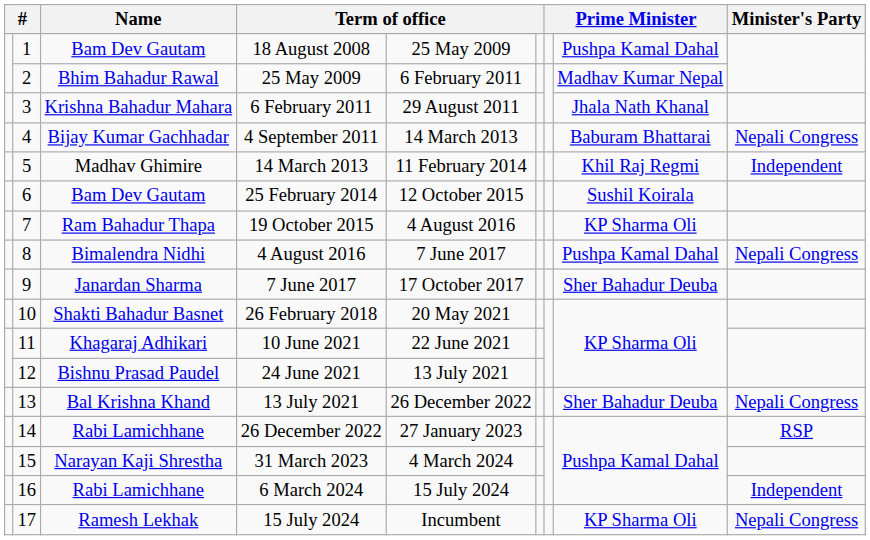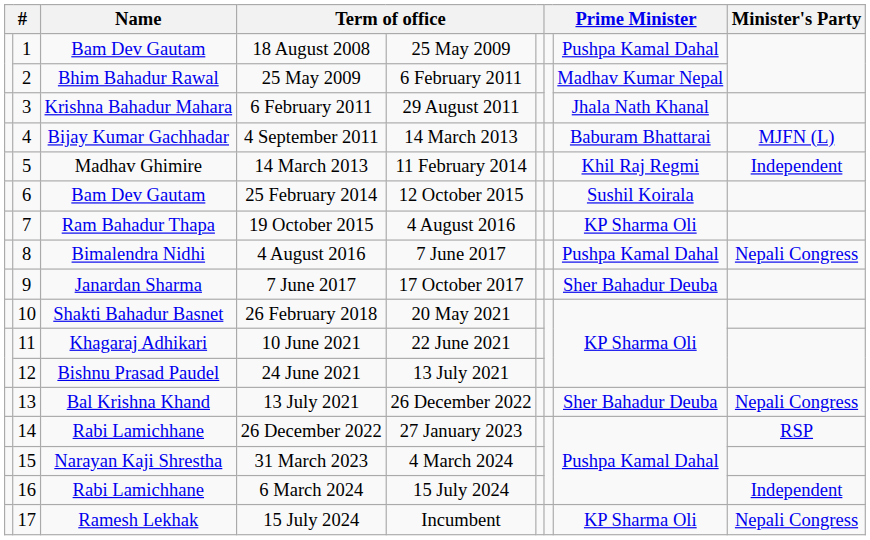 <table class="wikitable" style="text-align: center;">
 <tr>
 <th colspan="2">#</th>
 <th>Name</th>
 <th colspan="3">Term of office</th>
 <th colspan="2"><a href='#'>Prime Minister</a></th>
 <th>Minister's Party</th>
 </tr>
 <tr>
 <td rowspan="2" style="background-color: "></td>
 <td>1</td>
 <td><a href='#'>Bam Dev Gautam</a></td>
 <td>18 August 2008</td>
 <td>25 May 2009</td>
 <td></td>
 <td style="background-color: "></td>
 <td><a href='#'>Pushpa Kamal Dahal</a></td>
 <td rowspan="2"></td>
 </tr>
 <tr>
 <td>2</td>
 <td><a href='#'>Bhim Bahadur Rawal</a></td>
 <td>25 May 2009</td>
 <td>6 February 2011</td>
 <td></td>
 <td rowspan="2" style="background-color: "></td>
 <td><a href='#'>Madhav Kumar Nepal</a></td>
 </tr>
 <tr>
 <td style="background-color: "></td>
 <td>3</td>
 <td><a href='#'>Krishna Bahadur Mahara</a></td>
 <td>6 February 2011</td>
 <td>29 August 2011</td>
 <td></td>
 <td><a href='#'>Jhala Nath Khanal</a></td>
 <td></td>
 </tr>
 <tr>
 <td style="background-color: "></td>
 <td>4</td>
 <td><a href='#'>Bijay Kumar Gachhadar</a></td>
 <td>4 September 2011</td>
 <td>14 March 2013</td>
 <td></td>
 <td style="background-color: "></td>
 <td><a href='#'>Baburam Bhattarai</a></td>
-<td><a href='#'>Nepali Congress</a></td>
+<td><a href='#'>MJFN (L)</a></td>
 </tr>
 <tr>
 <td style="background:"></td>
 <td>5</td>
 <td>Madhav Ghimire</td>
 <td>14 March 2013</td>
 <td>11 February 2014</td>
 <td></td>
 <td style="background:"></td>
 <td><a href='#'>Khil Raj Regmi</a></td>
 <td><a href='#'>Independent</a></td>
 </tr>
 <tr>
 <td style="background-color: "></td>
 <td>6</td>
 <td><a href='#'>Bam Dev Gautam</a></td>
 <td>25 February 2014</td>
 <td>12 October 2015</td>
 <td></td>
 <td style="background-color: "></td>
 <td><a href='#'>Sushil Koirala</a></td>
 <td></td>
 </tr>
 <tr>
 <td style="background-color: "></td>
 <td>7</td>
 <td><a href='#'>Ram Bahadur Thapa</a></td>
 <td>19 October 2015</td>
 <td>4 August 2016</td>
 <td></td>
 <td style="background-color: "></td>
 <td><a href='#'>KP Sharma Oli</a></td>
 <td></td>
 </tr>
 <tr>
 <td style="background-color: "></td>
 <td>8</td>
 <td><a href='#'>Bimalendra Nidhi</a></td>
 <td>4 August 2016</td>
 <td>7 June 2017</td>
 <td></td>
 <td style="background-color: "></td>
 <td><a href='#'>Pushpa Kamal Dahal</a></td>
 <td><a href='#'>Nepali Congress</a></td>
 </tr>
 <tr>
 <td style="background-color: "></td>
 <td>9</td>
 <td><a href='#'>Janardan Sharma</a></td>
 <td>7 June 2017</td>
 <td>17 October 2017</td>
 <td></td>
 <td style="background-color: "></td>
 <td><a href='#'>Sher Bahadur Deuba</a></td>
 <td></td>
 </tr>
 <tr>
 <td style="background-color: "></td>
 <td>10</td>
 <td><a href='#'>Shakti Bahadur Basnet</a></td>
 <td>26 February 2018</td>
 <td>20 May 2021</td>
 <td></td>
 <td rowspan="3" style="background-color: "></td>
 <td rowspan="3"><a href='#'>KP Sharma Oli</a></td>
 <td></td>
 </tr>
 <tr>
 <td rowspan="2" style="background-color: "></td>
 <td>11</td>
 <td><a href='#'>Khagaraj Adhikari</a></td>
 <td>10 June 2021</td>
 <td>22 June 2021</td>
 <td></td>
 <td rowspan="2"></td>
 </tr>
 <tr>
 <td>12</td>
 <td><a href='#'>Bishnu Prasad Paudel</a></td>
 <td>24 June 2021</td>
 <td>13 July 2021</td>
 <td></td>
 </tr>
 <tr>
 <td style="background-color: "></td>
 <td>13</td>
 <td><a href='#'>Bal Krishna Khand</a></td>
 <td>13 July 2021</td>
 <td>26 December 2022</td>
 <td></td>
 <td style="background-color: "></td>
 <td><a href='#'>Sher Bahadur Deuba</a></td>
 <td><a href='#'>Nepali Congress</a></td>
 </tr>
 <tr>
 <td style="background-color: "></td>
 <td>14</td>
 <td><a href='#'>Rabi Lamichhane</a></td>
 <td>26 December 2022</td>
 <td>27 January 2023</td>
 <td></td>
 <td rowspan="3" style="background-color: "></td>
 <td rowspan="3"><a href='#'>Pushpa Kamal Dahal</a></td>
 <td><a href='#'>RSP</a></td>
 </tr>
 <tr>
 <td style="background-color: "></td>
 <td>15</td>
 <td><a href='#'>Narayan Kaji Shrestha</a></td>
 <td>31 March 2023</td>
 <td>4 March 2024</td>
 <td></td>
 <td></td>
 </tr>
 <tr>
 <td style="background-color: "></td>
 <td>16</td>
 <td><a href='#'>Rabi Lamichhane</a></td>
 <td>6 March 2024</td>
 <td>15 July 2024</td>
 <td></td>
 <td><a href='#'>Independent</a></td>
 </tr>
 <tr>
 <td style="background-color: "></td>
 <td>17</td>
 <td><a href='#'>Ramesh Lekhak</a></td>
 <td>15 July 2024</td>
 <td>Incumbent</td>
 <td></td>
 <td style="background-color: "></td>
 <td><a href='#'>KP Sharma Oli</a></td>
 <td><a href='#'>Nepali Congress</a></td>
 </tr>
 </table>
